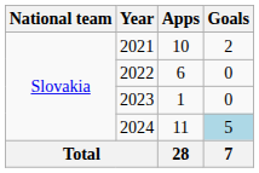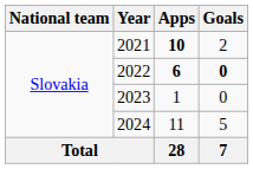 <table class="wikitable" style="text-align:center">
 <tr>
 <th>National team</th>
 <th>Year</th>
 <th>Apps</th>
 <th>Goals</th>
 </tr>
 <tr>
 <td rowspan="4"><a href='#'>Slovakia</a></td>
 <td>2021</td>
-<td>10</td>
+<td><strong>10</strong></td>
 <td>2</td>
 </tr>
 <tr>
 <td>2022</td>
-<td>6</td>
-<td>0</td>
+<td><strong>6</strong></td>
+<td><strong>0</strong></td>
 </tr>
 <tr>
 <td>2023</td>
 <td>1</td>
 <td>0</td>
 </tr>
 <tr>
 <td>2024</td>
 <td>11</td>
-<td style="background: lightblue;">5</td>
+<td>5</td>
 </tr>
 <tr>
 <th colspan="2">Total</th>
 <th>28</th>
 <th>7</th>
 </tr>
 </table>
